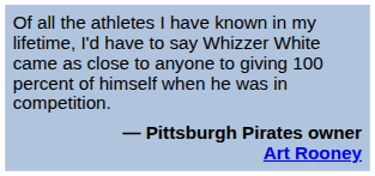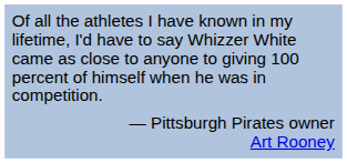 <table class="toccolours" style="float: right;  margin-left:  1em; margin-right:  2em; font-size:  85%; background:#b0c4de; width:20em;" cellspacing="5">
 <tr>
 <td style="text-align: left;">Of all the athletes I have known in my lifetime, I'd have to say Whizzer White came as close to anyone to giving 100 percent of himself when he was in competition.</td>
 </tr>
 <tr>
-<td style="text-align: right;"><strong>— Pittsburgh Pirates owner<br><a href='#'>Art Rooney</a></strong></td>
+<td style="text-align: right;">— Pittsburgh Pirates owner<br><a href='#'>Art Rooney</a></td>
 </tr>
 </table>
